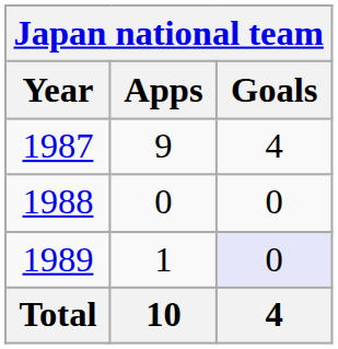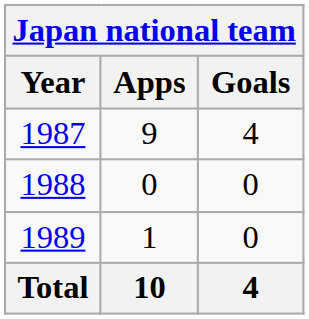 <table class="wikitable" style="text-align:center">
 <tr>
 <th colspan=3><a href='#'>Japan national team</a></th>
 </tr>
 <tr>
 <th>Year</th>
 <th>Apps</th>
 <th>Goals</th>
 </tr>
 <tr>
 <td><a href='#'>1987</a></td>
 <td>9</td>
 <td>4</td>
 </tr>
 <tr>
 <td><a href='#'>1988</a></td>
 <td>0</td>
 <td>0</td>
 </tr>
 <tr>
 <td><a href='#'>1989</a></td>
 <td>1</td>
-<td style="background: lavender;">0</td>
+<td>0</td>
 </tr>
 <tr>
 <th>Total</th>
 <th>10</th>
 <th>4</th>
 </tr>
 </table>
